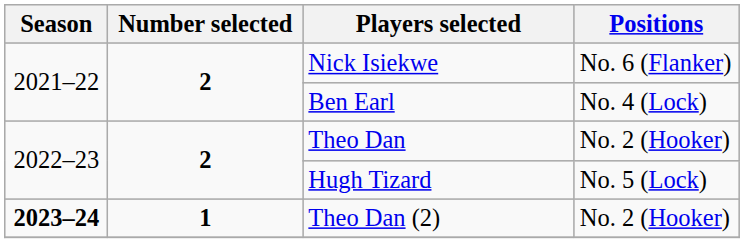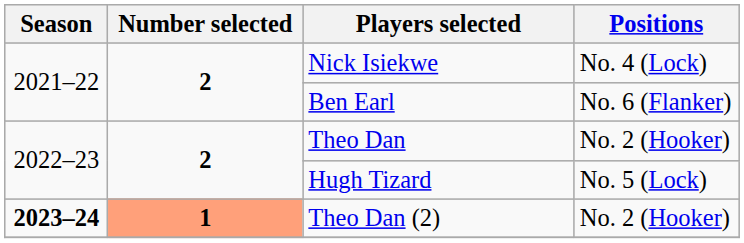 <table class="wikitable sticky-header">
 <tr>
 <th width=60>Season</th>
 <th width=120>Number selected</th>
 <th width=170>Players selected</th>
 <th width=100><a href='#'>Positions</a></th>
 </tr>
 <tr>
 <td align=center rowspan=2>2021–22</td>
 <td align=center rowspan=2><strong>2</strong></td>
 <td> <a href='#'>Nick Isiekwe</a></td>
-<td>No. 6 (<a href='#'>Flanker</a>)</td>
+<td>No. 4 (<a href='#'>Lock</a>)</td>
 </tr>
 <tr>
 <td> <a href='#'>Ben Earl</a></td>
-<td>No. 4 (<a href='#'>Lock</a>)</td>
+<td>No. 6 (<a href='#'>Flanker</a>)</td>
 </tr>
 <tr>
 <td align=center rowspan=2>2022–23</td>
 <td align=center rowspan=2><strong>2</strong></td>
 <td> <a href='#'>Theo Dan</a></td>
 <td>No. 2 (<a href='#'>Hooker</a>)</td>
 </tr>
 <tr>
 <td> <a href='#'>Hugh Tizard</a></td>
 <td>No. 5 (<a href='#'>Lock</a>)</td>
 </tr>
 <tr>
 <td align=center><strong>2023–24</strong></td>
-<td align=center><strong>1</strong></td>
+<td align=center style="background: lightsalmon;"><strong>1</strong></td>
 <td> <a href='#'>Theo Dan</a> (2)</td>
 <td>No. 2 (<a href='#'>Hooker</a>)</td>
 </tr>
 <tr>
 </tr>
 </table>
